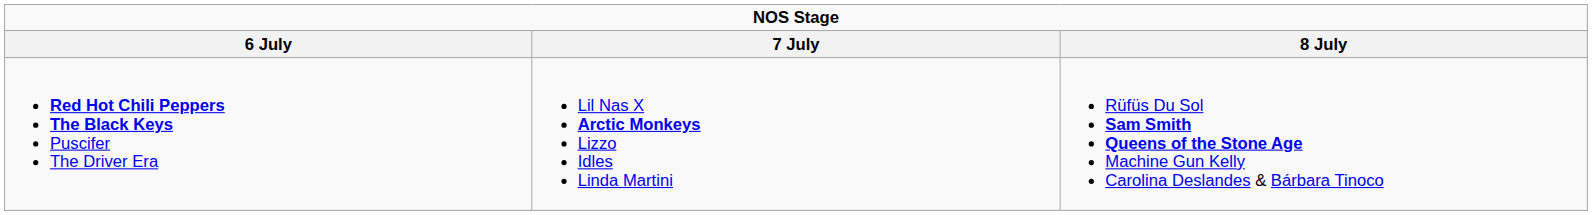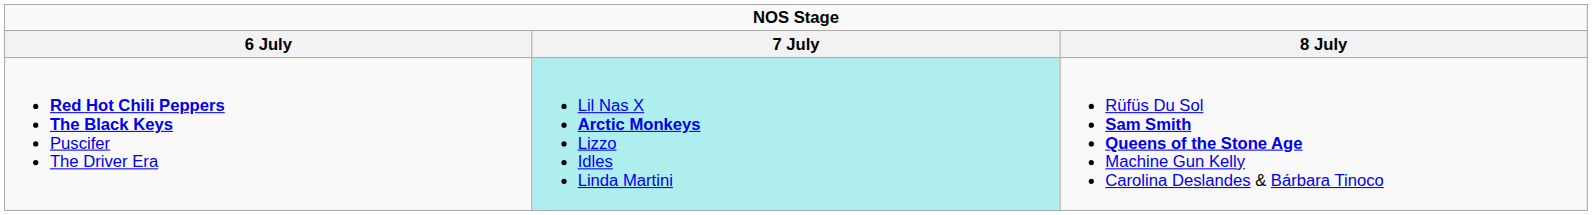 <table class="wikitable">
 <tr>
 <td colspan="3" align="center"><strong>NOS Stage</strong></td>
 </tr>
 <tr>
 <th width="500">6 July</th>
 <th width="500">7 July</th>
 <th width="500">8 July</th>
 </tr>
 <tr valign="top">
 <td><br><ul><li><strong><a href='#'>Red Hot Chili Peppers</a></strong></li><li><strong><a href='#'>The Black Keys</a></strong></li><li><a href='#'>Puscifer</a></li><li><a href='#'>The Driver Era</a></li></ul></td>
-<td><br><ul><li><a href='#'>Lil Nas X</a></li><li><strong><a href='#'>Arctic Monkeys</a></strong></li><li><a href='#'>Lizzo</a></li><li><a href='#'>Idles</a></li><li><a href='#'>Linda Martini</a></li></ul></td>
+<td style="background: paleturquoise;"><br><ul><li><a href='#'>Lil Nas X</a></li><li><strong><a href='#'>Arctic Monkeys</a></strong></li><li><a href='#'>Lizzo</a></li><li><a href='#'>Idles</a></li><li><a href='#'>Linda Martini</a></li></ul></td>
 <td><br><ul><li><a href='#'>Rüfüs Du Sol</a></li><li><strong><a href='#'>Sam Smith</a></strong></li><li><strong><a href='#'>Queens of the Stone Age</a></strong></li><li><a href='#'>Machine Gun Kelly</a></li><li><a href='#'>Carolina Deslandes</a> & <a href='#'>Bárbara Tinoco</a></li></ul></td>
 </tr>
 </table>
